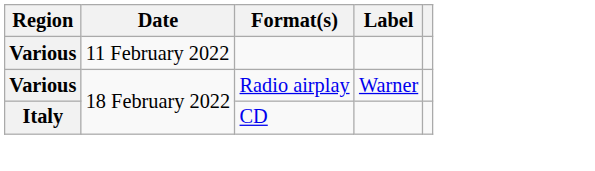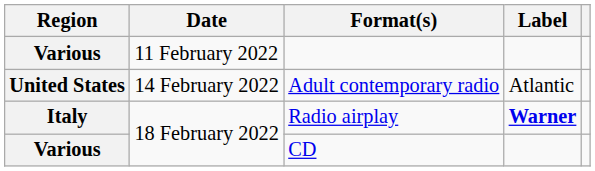 <table class="wikitable plainrowheaders">
 <tr>
 <th scope="col">Region</th>
 <th scope="col">Date</th>
 <th scope="col">Format(s)</th>
 <th scope="col">Label</th>
 <th scope="col"></th>
 </tr>
 <tr>
 <th scope="row">Various</th>
 <td>11 February 2022</td>
 <td></td>
 <td></td>
 <td style="text-align:center;"></td>
 </tr>
 <tr>
-<th scope="row">Various</th>
-<td rowspan="2">18 February 2022</td>
-<td><a href='#'>Radio airplay</a></td>
-<td><a href='#'>Warner</a></td>
+<th scope="row">United States</th>
+<td>14 February 2022</td>
+<td><a href='#'>Adult contemporary radio</a></td>
+<td>Atlantic</td>
 <td style="text-align:center;"></td>
 </tr>
 <tr>
 <th scope="row">Italy</th>
+<td rowspan="2">18 February 2022</td>
+<td><a href='#'>Radio airplay</a></td>
+<td><strong><a href='#'>Warner</a></strong></td>
+<td style="text-align:center;"></td>
+</tr>
+<tr>
+<th scope="row">Various</th>
 <td><a href='#'>CD</a></td>
 <td></td>
 <td style="text-align:center;"></td>
 </tr>
 </table>
